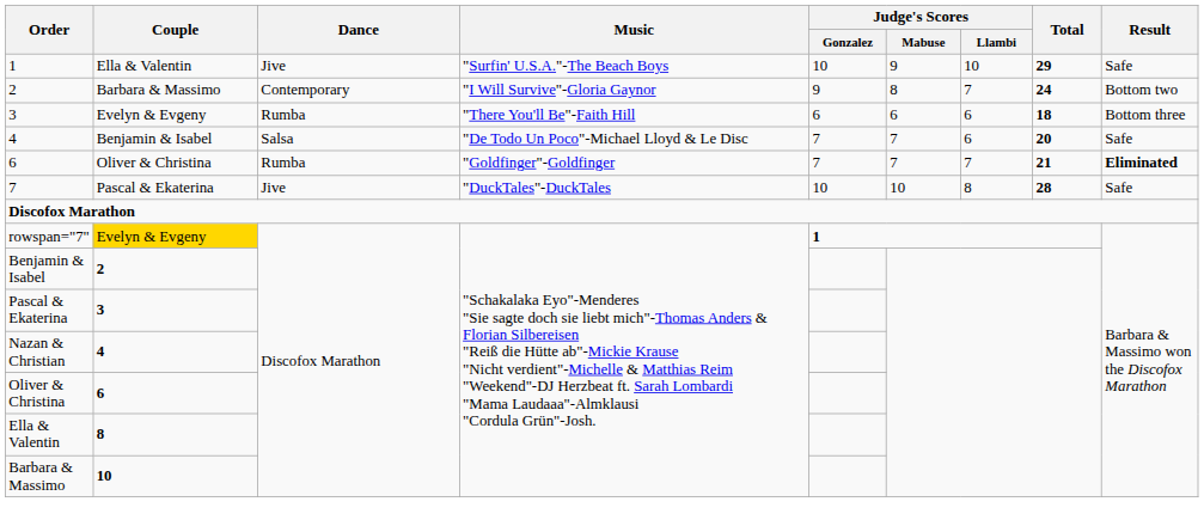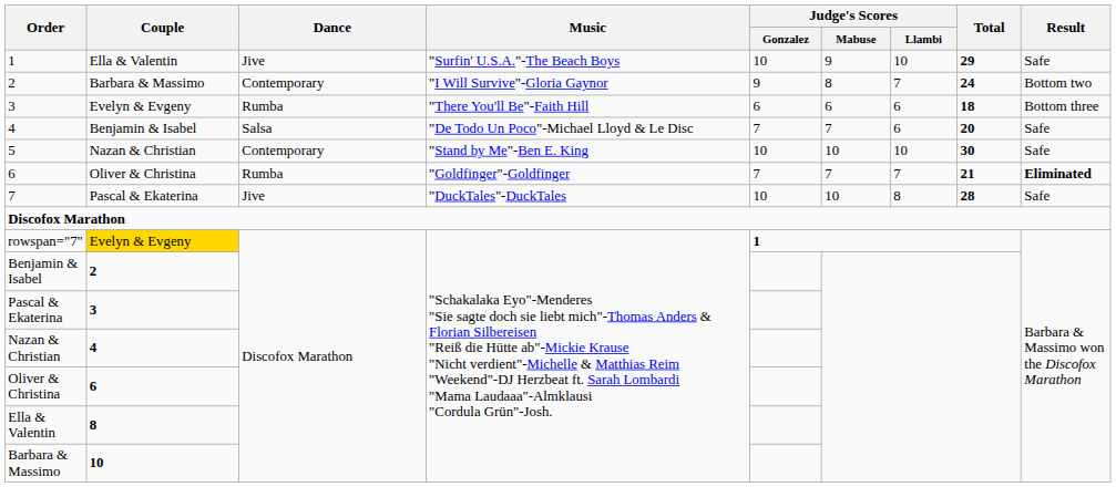 <table class="wikitable sortable center">
 <tr>
 <th rowspan="2" style="width: 4em">Order</th>
 <th rowspan="2" style="width: 17em">Couple</th>
 <th rowspan="2" style="width: 20em">Dance</th>
 <th rowspan="2" style="width: 40em">Music</th>
 <th colspan="3">Judge's Scores</th>
 <th rowspan="2" style="width: 6em">Total</th>
 <th rowspan="2" style="width: 7em">Result</th>
 </tr>
 <tr>
 <th style="width: 6em"><small>Gonzalez</small></th>
 <th style="width: 6em"><small>Mabuse</small></th>
 <th style="width: 6em"><small>Llambi</small></th>
 </tr>
 <tr>
 <td>1</td>
 <td>Ella & Valentin</td>
 <td>Jive</td>
 <td>"<a href='#'>Surfin' U.S.A.</a>"-<a href='#'>The Beach Boys</a></td>
 <td>10</td>
 <td>9</td>
 <td>10</td>
 <td><strong>29</strong></td>
 <td>Safe</td>
 </tr>
 <tr>
 <td>2</td>
 <td>Barbara & Massimo</td>
 <td>Contemporary</td>
 <td>"<a href='#'>I Will Survive</a>"-<a href='#'>Gloria Gaynor</a></td>
 <td>9</td>
 <td>8</td>
 <td>7</td>
 <td><strong>24</strong></td>
 <td>Bottom two</td>
 </tr>
 <tr>
 <td>3</td>
 <td>Evelyn & Evgeny</td>
 <td>Rumba</td>
 <td>"<a href='#'>There You'll Be</a>"-<a href='#'>Faith Hill</a></td>
 <td>6</td>
 <td>6</td>
 <td>6</td>
 <td><strong>18</strong></td>
 <td>Bottom three</td>
 </tr>
 <tr>
 <td>4</td>
 <td>Benjamin & Isabel</td>
 <td>Salsa</td>
 <td>"<a href='#'>De Todo Un Poco</a>"-Michael Lloyd & Le Disc</td>
 <td>7</td>
 <td>7</td>
 <td>6</td>
 <td><strong>20</strong></td>
 <td>Safe</td>
 </tr>
 <tr>
+<td>5</td>
+<td>Nazan & Christian</td>
+<td>Contemporary</td>
+<td>"<a href='#'>Stand by Me</a>"-<a href='#'>Ben E. King</a></td>
+<td>10</td>
+<td>10</td>
+<td>10</td>
+<td><strong>30</strong></td>
+<td>Safe</td>
+</tr>
+<tr>
 <td>6</td>
 <td>Oliver & Christina</td>
 <td>Rumba</td>
 <td>"<a href='#'>Goldfinger</a>"-<a href='#'>Goldfinger</a></td>
 <td>7</td>
 <td>7</td>
 <td>7</td>
 <td><strong>21</strong></td>
 <td><strong>Eliminated</strong></td>
 </tr>
 <tr>
 <td>7</td>
 <td>Pascal & Ekaterina</td>
 <td>Jive</td>
 <td>"<a href='#'>DuckTales</a>"-<a href='#'>DuckTales</a></td>
 <td>10</td>
 <td>10</td>
 <td>8</td>
 <td><strong>28</strong></td>
 <td>Safe</td>
 </tr>
 <tr>
 <td colspan="9"><strong>Discofox Marathon</strong></td>
 </tr>
 <tr>
 <td>rowspan="7" </td>
 <td style="background: gold;">Evelyn & Evgeny</td>
 <td rowspan="7">Discofox Marathon</td>
 <td rowspan="7">"Schakalaka Eyo"-Menderes<br>"Sie sagte doch sie liebt mich"-<a href='#'>Thomas Anders</a> & <a href='#'>Florian Silbereisen</a><br>"Reiß die Hütte ab"-<a href='#'>Mickie Krause</a><br>"Nicht verdient"-<a href='#'>Michelle</a> & <a href='#'>Matthias Reim</a><br>"Weekend"-DJ Herzbeat ft. <a href='#'>Sarah Lombardi</a><br>"Mama Laudaaa"-Almklausi<br>"Cordula Grün"-Josh.</td>
 <td colspan="4"><strong>1</strong></td>
 <td rowspan="7">Barbara & Massimo won the <em>Discofox Marathon</em></td>
 </tr>
 <tr>
 <td>Benjamin & Isabel</td>
 <td colspan="4"><strong>2</strong></td>
 </tr>
 <tr>
 <td>Pascal & Ekaterina</td>
 <td colspan="4"><strong>3</strong></td>
 </tr>
 <tr>
 <td>Nazan & Christian</td>
 <td colspan="4"><strong>4</strong></td>
 </tr>
 <tr>
 <td>Oliver & Christina</td>
 <td colspan="4"><strong>6</strong></td>
 </tr>
 <tr>
 <td>Ella & Valentin</td>
 <td colspan="4"><strong>8</strong></td>
 </tr>
 <tr>
 <td>Barbara & Massimo</td>
 <td colspan="4"><strong>10</strong></td>
 </tr>
 </table>
